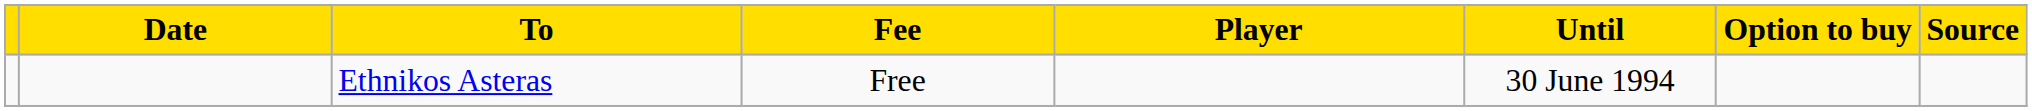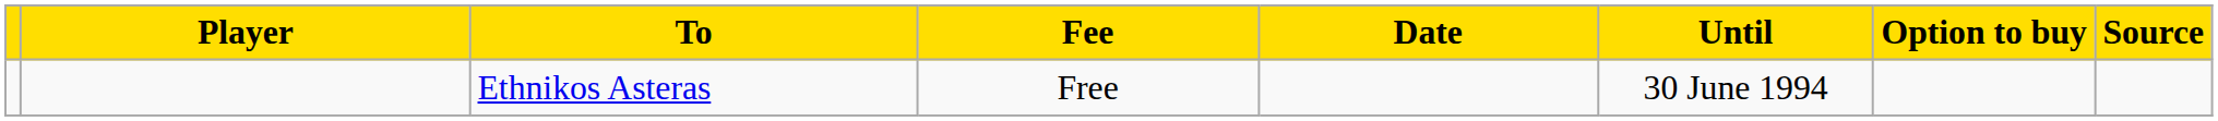 <table class="wikitable sortable">
 <tr>
 <th style="background:#FFDE00"></th>
-<th width=150 style="background:#FFDE00">Date</th>
+<th width=200 style="background:#FFDE00">Player</th>
 <th width=200 style="background:#FFDE00">To</th>
 <th width=150 style="background:#FFDE00">Fee</th>
-<th width=200 style="background:#FFDE00">Player</th>
+<th width=150 style="background:#FFDE00">Date</th>
 <th width=120 style="background:#FFDE00">Until</th>
 <th style="background:#FFDE00">Option to buy</th>
 <th style="background:#FFDE00">Source</th>
 </tr>
 <tr>
 <td align=center></td>
-<td align=center></td>
+<td></td>
 <td> <a href='#'>Ethnikos Asteras</a></td>
 <td align=center>Free</td>
-<td></td>
+<td align=center></td>
 <td align=center>30 June 1994</td>
 <td align=center></td>
 <td align=center></td>
 </tr>
 </table>
